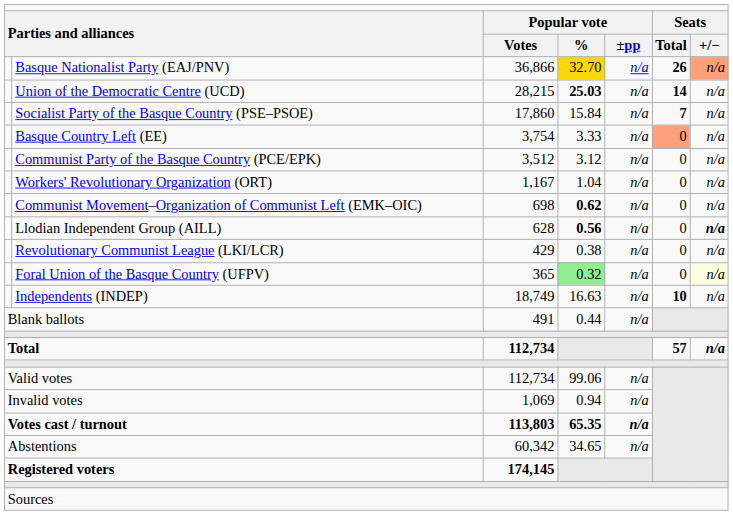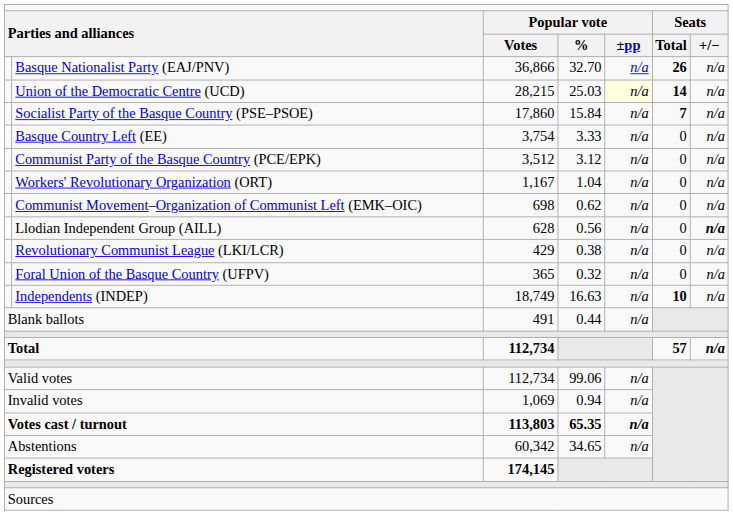 <table class="wikitable" style="text-align:right;">
 <tr>
 <td colspan="7"></td>
 </tr>
 <tr>
 <th style="text-align:left;" rowspan="2" colspan="2" width="525">Parties and alliances</th>
 <th colspan="3">Popular vote</th>
 <th colspan="2">Seats</th>
 </tr>
 <tr>
 <th width="75">Votes</th>
 <th width="45">%</th>
 <th width="45">±<a href='#'>pp</a></th>
 <th width="35">Total</th>
 <th width="35">+/−</th>
 </tr>
 <tr>
 <td width="1" style="color:inherit;background:"></td>
 <td align="left"><a href='#'>Basque Nationalist Party</a> (EAJ/PNV)</td>
 <td>36,866</td>
-<td style="background: gold;">32.70</td>
+<td>32.70</td>
 <td><em><a href='#'>n/a</a></em></td>
 <td><strong>26</strong></td>
-<td style="background: lightsalmon;"><em>n/a</em></td>
+<td><em>n/a</em></td>
 </tr>
 <tr>
 <td style="color:inherit;background:"></td>
 <td align="left"><a href='#'>Union of the Democratic Centre</a> (UCD)</td>
 <td>28,215</td>
-<td><strong>25.03</strong></td>
-<td><em>n/a</em></td>
+<td>25.03</td>
+<td style="background: lightyellow;"><em>n/a</em></td>
 <td><strong>14</strong></td>
 <td><em>n/a</em></td>
 </tr>
 <tr>
 <td style="color:inherit;background:"></td>
 <td align="left"><a href='#'>Socialist Party of the Basque Country</a> (PSE–PSOE)</td>
 <td>17,860</td>
 <td>15.84</td>
 <td><em>n/a</em></td>
 <td><strong>7</strong></td>
 <td><em>n/a</em></td>
 </tr>
 <tr>
 <td style="color:inherit;background:"></td>
 <td align="left"><a href='#'>Basque Country Left</a> (EE)</td>
 <td>3,754</td>
 <td>3.33</td>
 <td><em>n/a</em></td>
-<td style="background: lightsalmon;">0</td>
+<td>0</td>
 <td><em>n/a</em></td>
 </tr>
 <tr>
 <td style="color:inherit;background:"></td>
 <td align="left"><a href='#'>Communist Party of the Basque Country</a> (PCE/EPK)</td>
 <td>3,512</td>
 <td>3.12</td>
 <td><em>n/a</em></td>
 <td>0</td>
 <td><em>n/a</em></td>
 </tr>
 <tr>
 <td style="color:inherit;background:"></td>
 <td align="left"><a href='#'>Workers' Revolutionary Organization</a> (ORT)</td>
 <td>1,167</td>
 <td>1.04</td>
 <td><em>n/a</em></td>
 <td>0</td>
 <td><em>n/a</em></td>
 </tr>
 <tr>
 <td style="color:inherit;background:"></td>
 <td align="left"><a href='#'>Communist Movement</a>–<a href='#'>Organization of Communist Left</a> (EMK–OIC)</td>
 <td>698</td>
-<td><strong>0.62</strong></td>
+<td>0.62</td>
 <td><em>n/a</em></td>
 <td>0</td>
 <td><em>n/a</em></td>
 </tr>
 <tr>
 <td bgcolor="white"></td>
 <td align="left">Llodian Independent Group (AILL)</td>
 <td>628</td>
-<td><strong>0.56</strong></td>
+<td>0.56</td>
 <td><em>n/a</em></td>
 <td>0</td>
 <td><strong><em>n/a</em></strong></td>
 </tr>
 <tr>
 <td style="color:inherit;background:"></td>
 <td align="left"><a href='#'>Revolutionary Communist League</a> (LKI/LCR)</td>
 <td>429</td>
 <td>0.38</td>
 <td><em>n/a</em></td>
 <td>0</td>
 <td><em>n/a</em></td>
 </tr>
 <tr>
 <td style="color:inherit;background:"></td>
 <td align="left"><a href='#'>Foral Union of the Basque Country</a> (UFPV)</td>
 <td>365</td>
-<td style="background: lightgreen;">0.32</td>
+<td>0.32</td>
 <td><em>n/a</em></td>
 <td>0</td>
-<td style="background: lightyellow;"><em>n/a</em></td>
+<td><em>n/a</em></td>
 </tr>
 <tr>
 <td style="color:inherit;background:"></td>
 <td align="left"><a href='#'>Independents</a> (INDEP)</td>
 <td>18,749</td>
 <td>16.63</td>
 <td><em>n/a</em></td>
 <td><strong>10</strong></td>
 <td><em>n/a</em></td>
 </tr>
 <tr>
 <td align="left" colspan="2">Blank ballots</td>
 <td>491</td>
 <td>0.44</td>
 <td><em>n/a</em></td>
 <td bgcolor="#E9E9E9" colspan="2"></td>
 </tr>
 <tr>
 <td colspan="7" bgcolor="#E9E9E9"></td>
 </tr>
 <tr style="font-weight:bold;">
 <td align="left" colspan="2">Total</td>
 <td>112,734</td>
 <td bgcolor="#E9E9E9" colspan="2"></td>
 <td>57</td>
 <td><em>n/a</em></td>
 </tr>
 <tr>
 <td colspan="7" bgcolor="#E9E9E9"></td>
 </tr>
 <tr>
 <td align="left" colspan="2">Valid votes</td>
 <td>112,734</td>
 <td>99.06</td>
 <td><em>n/a</em></td>
 <td bgcolor="#E9E9E9" colspan="2" rowspan="5"></td>
 </tr>
 <tr>
 <td align="left" colspan="2">Invalid votes</td>
 <td>1,069</td>
 <td>0.94</td>
 <td><em>n/a</em></td>
 </tr>
 <tr style="font-weight:bold;">
 <td align="left" colspan="2">Votes cast / turnout</td>
 <td>113,803</td>
 <td>65.35</td>
 <td><em>n/a</em></td>
 </tr>
 <tr>
 <td align="left" colspan="2">Abstentions</td>
 <td>60,342</td>
 <td>34.65</td>
 <td><em>n/a</em></td>
 </tr>
 <tr style="font-weight:bold;">
 <td align="left" colspan="2">Registered voters</td>
 <td>174,145</td>
 <td bgcolor="#E9E9E9" colspan="2"></td>
 </tr>
 <tr>
 <td colspan="7" bgcolor="#E9E9E9"></td>
 </tr>
 <tr>
 <td align="left" colspan="7">Sources</td>
 </tr>
 </table>
